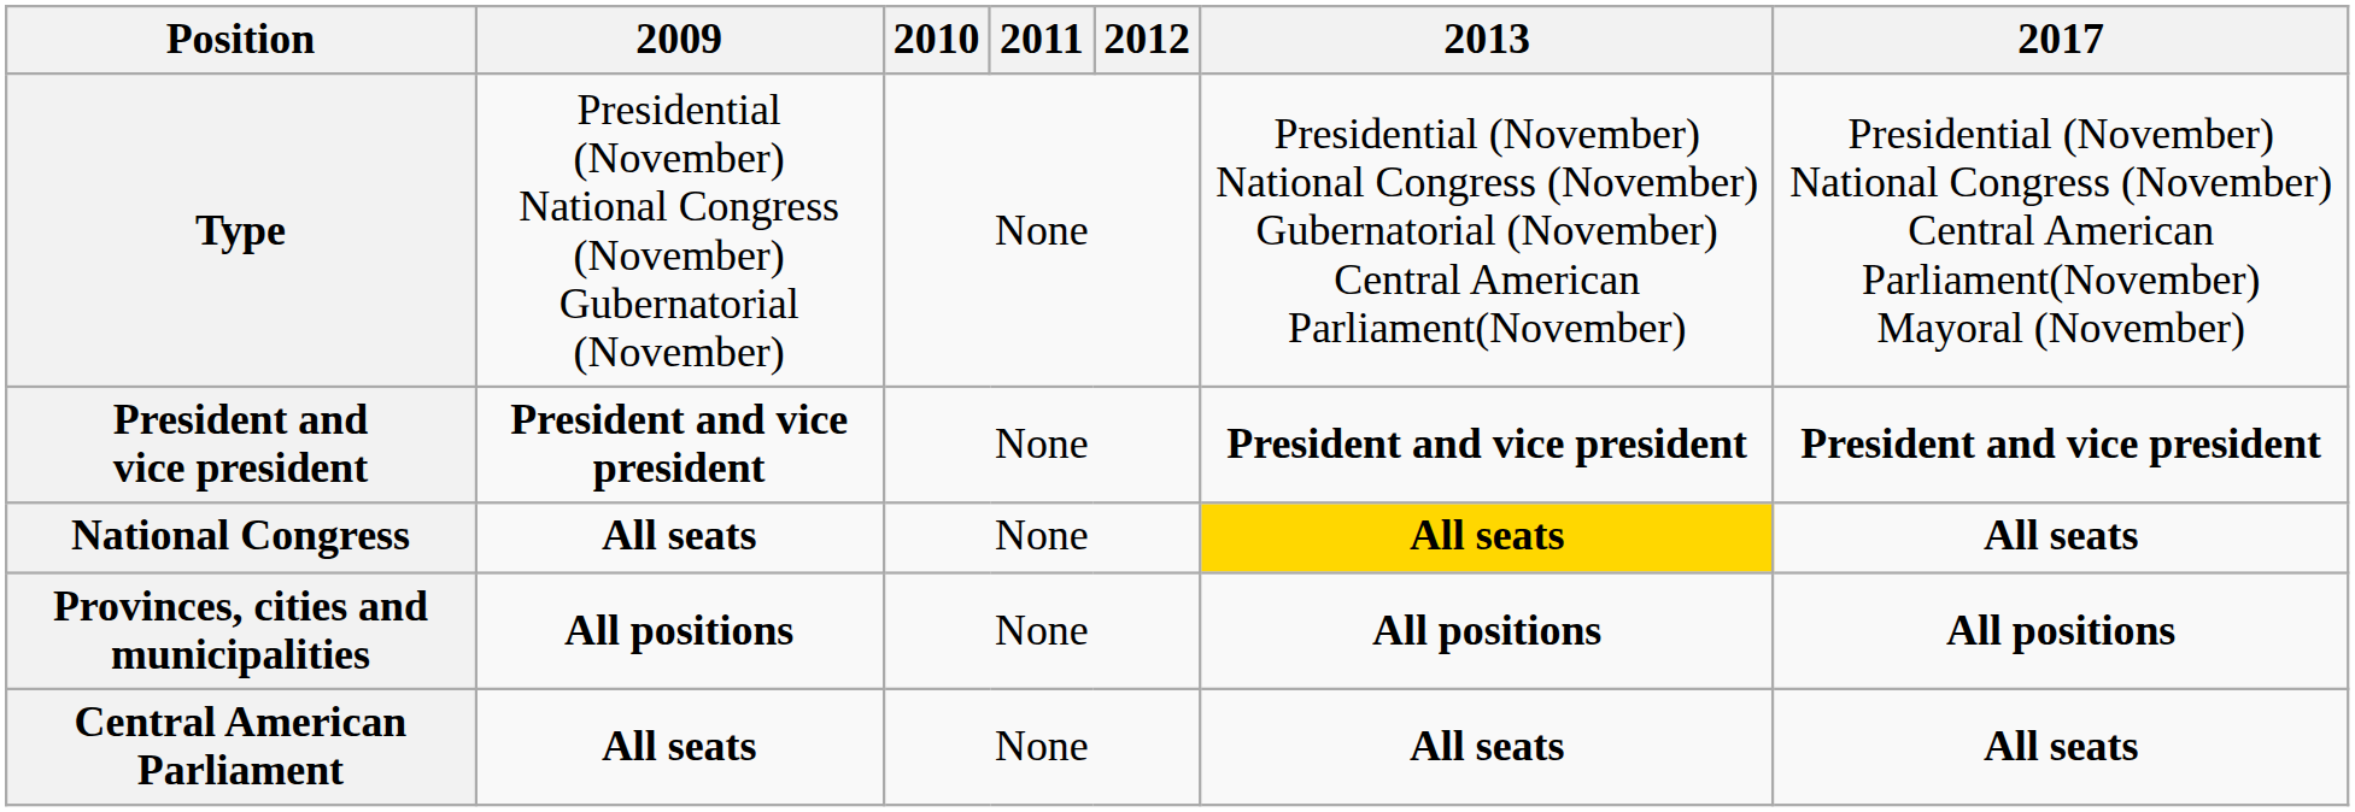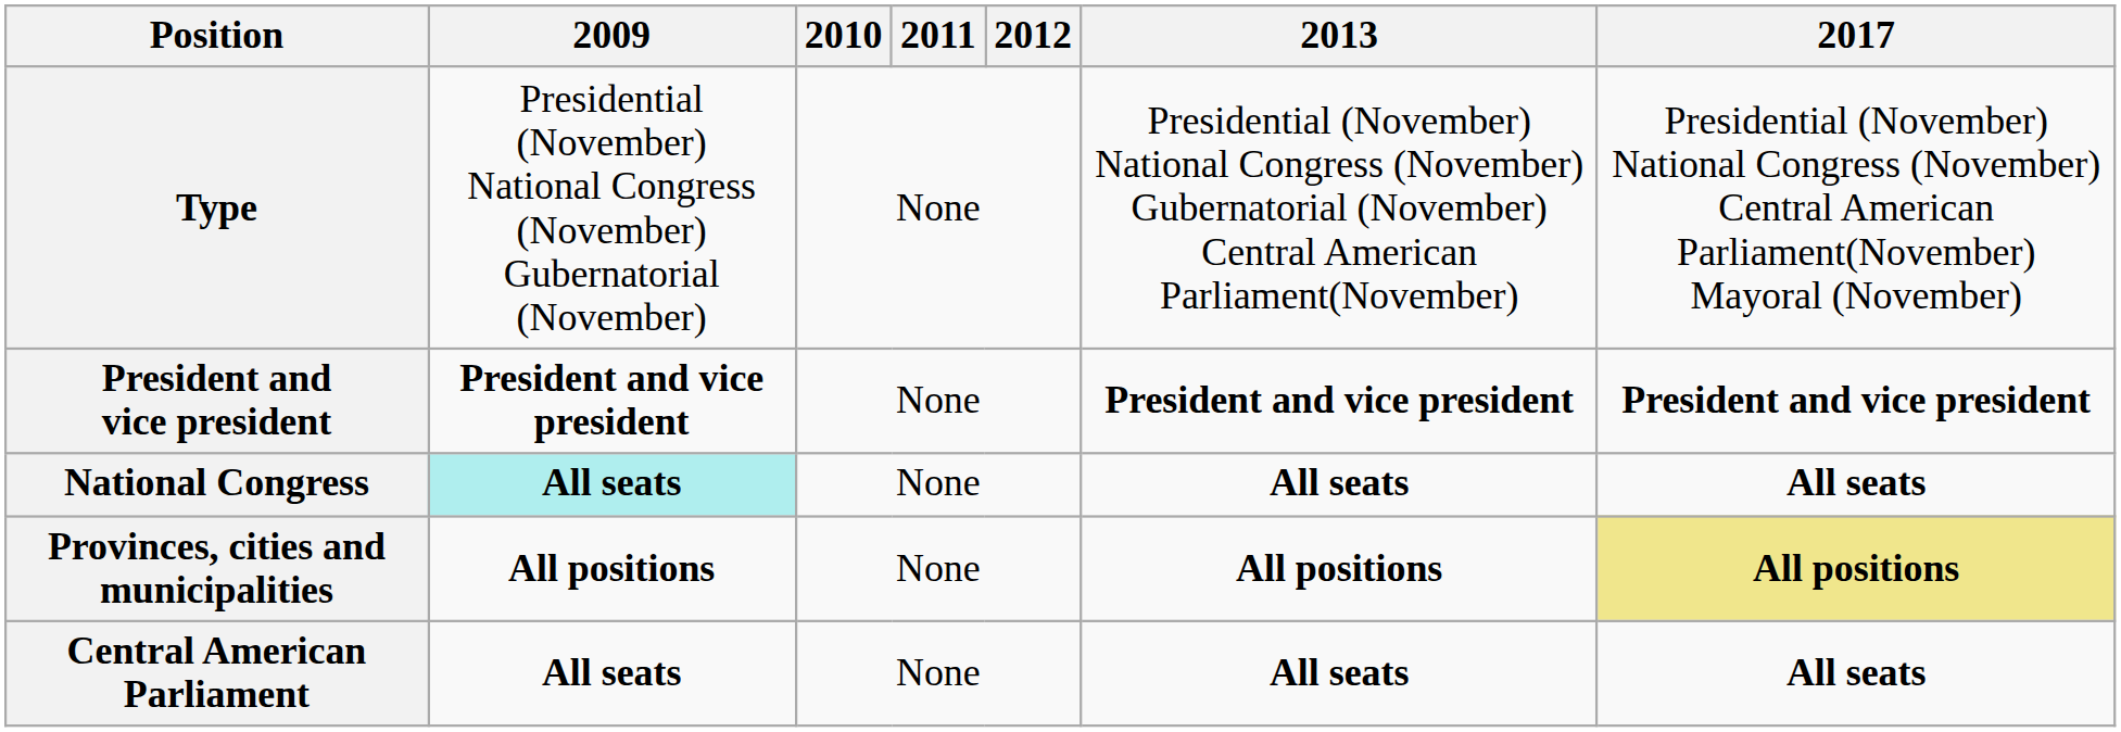 <table class=wikitable style="text-align:center;">
 <tr>
 <th>Position</th>
 <th>2009</th>
 <th>2010</th>
 <th>2011</th>
 <th>2012</th>
 <th>2013</th>
 <th>2017</th>
 </tr>
 <tr>
 <th>Type</th>
 <td>Presidential (November)<br>National Congress (November)<br>Gubernatorial (November)</td>
 <td colspan=3>None</td>
 <td>Presidential (November)<br>National Congress (November)<br>Gubernatorial (November)<br>Central American Parliament(November)</td>
 <td>Presidential (November)<br>National Congress (November)<br>Central American Parliament(November)<br>Mayoral (November)</td>
 </tr>
 <tr>
 <th>President and<br>vice president</th>
 <td><strong>President and vice president</strong></td>
 <td colspan=3>None</td>
 <td><strong>President and vice president</strong></td>
 <td><strong>President and vice president</strong></td>
 </tr>
 <tr>
 <th>National Congress</th>
+<td style="background: paleturquoise;"><strong>All seats</strong></td>
+<td colspan=3>None</td>
 <td><strong>All seats</strong></td>
-<td colspan=3>None</td>
-<td style="background: gold;"><strong>All seats</strong></td>
 <td><strong>All seats</strong></td>
 </tr>
 <tr>
 <th>Provinces, cities and municipalities</th>
 <td><strong>All positions</strong></td>
 <td colspan=3>None</td>
 <td><strong>All positions</strong></td>
-<td><strong>All positions</strong></td>
+<td style="background: khaki;"><strong>All positions</strong></td>
 </tr>
 <tr>
 <th>Central American Parliament</th>
 <td><strong>All seats</strong></td>
 <td colspan=3>None</td>
 <td><strong>All seats</strong></td>
 <td><strong>All seats</strong></td>
 </tr>
 </table>
